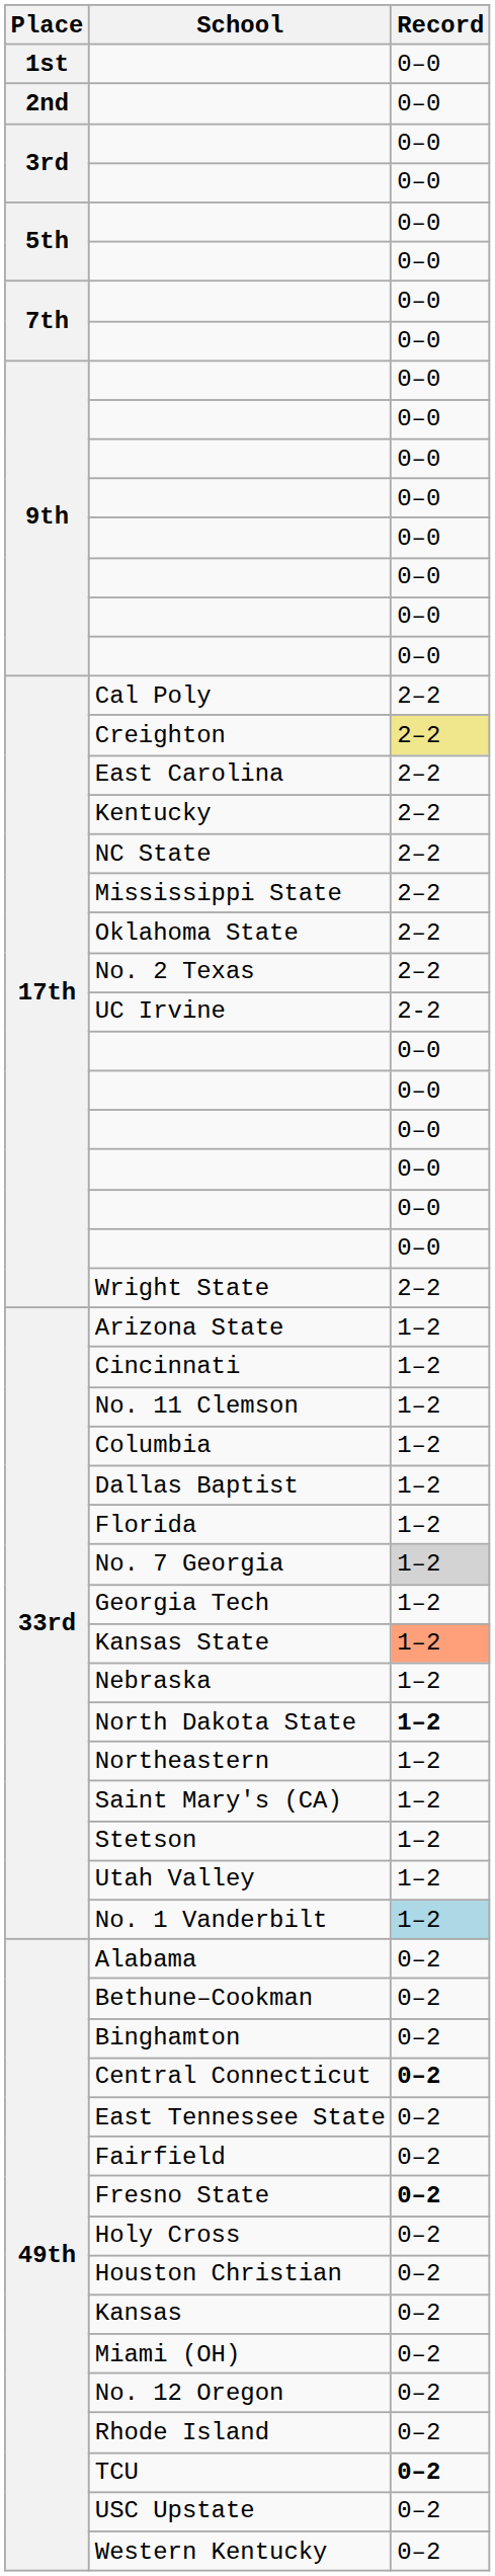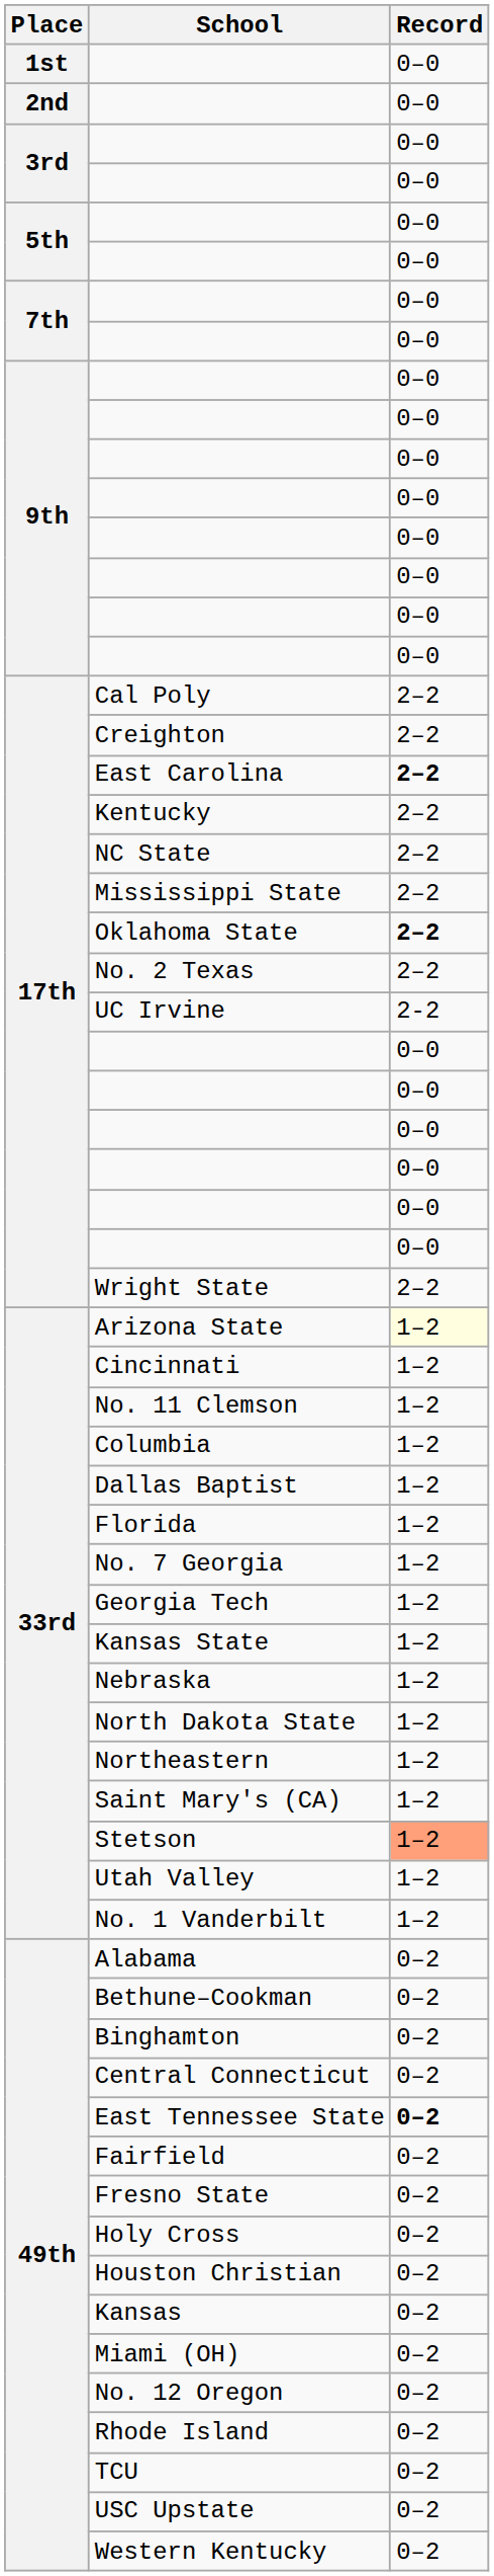 <table class="wikitable plainrowheaders">
 <tr>
 <th scope="col">Place</th>
 <th scope="col">School</th>
 <th scope="col">Record</th>
 </tr>
 <tr>
 <th scope="row" style="text-align:center;">1st</th>
 <td></td>
 <td>0–0</td>
 </tr>
 <tr>
 <th scope="row" style="text-align:center;">2nd</th>
 <td></td>
 <td>0–0</td>
 </tr>
 <tr>
 <th scope="row" rowspan="2" style="text-align:center;">3rd</th>
 <td></td>
 <td>0–0</td>
 </tr>
 <tr>
 <td></td>
 <td>0–0</td>
 </tr>
 <tr>
 <th scope="row" rowspan="2" style="text-align:center;">5th</th>
 <td></td>
 <td>0–0</td>
 </tr>
 <tr>
 <td></td>
 <td>0–0</td>
 </tr>
 <tr>
 <th scope="row" rowspan="2" style="text-align:center;">7th</th>
 <td></td>
 <td>0–0</td>
 </tr>
 <tr>
 <td></td>
 <td>0–0</td>
 </tr>
 <tr>
 <th scope="row" rowspan="8" style="text-align:center;">9th </th>
 <td></td>
 <td>0–0</td>
 </tr>
 <tr>
 <td></td>
 <td>0–0</td>
 </tr>
 <tr>
 <td></td>
 <td>0–0</td>
 </tr>
 <tr>
 <td></td>
 <td>0–0</td>
 </tr>
 <tr>
 <td></td>
 <td>0–0</td>
 </tr>
 <tr>
 <td></td>
 <td>0–0</td>
 </tr>
 <tr>
 <td></td>
 <td>0–0</td>
 </tr>
 <tr>
 <td></td>
 <td>0–0</td>
 </tr>
 <tr>
 <th scope="row" rowspan="16" style="text-align:center;">17th </th>
 <td>Cal Poly</td>
 <td>2–2</td>
 </tr>
 <tr>
 <td>Creighton</td>
-<td style="background: khaki;">2–2</td>
+<td>2–2</td>
 </tr>
 <tr>
 <td>East Carolina</td>
-<td>2–2</td>
+<td><strong>2–2</strong></td>
 </tr>
 <tr>
 <td>Kentucky</td>
 <td>2–2</td>
 </tr>
 <tr>
 <td>NC State</td>
 <td>2–2</td>
 </tr>
 <tr>
 <td>Mississippi State</td>
 <td>2–2</td>
 </tr>
 <tr>
 <td>Oklahoma State</td>
-<td>2–2</td>
+<td><strong>2–2</strong></td>
 </tr>
 <tr>
 <td>No. 2 Texas</td>
 <td>2–2</td>
 </tr>
 <tr>
 <td>UC Irvine</td>
 <td>2-2</td>
 </tr>
 <tr>
 <td></td>
 <td>0–0</td>
 </tr>
 <tr>
 <td></td>
 <td>0–0</td>
 </tr>
 <tr>
 <td></td>
 <td>0–0</td>
 </tr>
 <tr>
 <td></td>
 <td>0–0</td>
 </tr>
 <tr>
 <td></td>
 <td>0–0</td>
 </tr>
 <tr>
 <td></td>
 <td>0–0</td>
 </tr>
 <tr>
 <td>Wright State</td>
 <td>2–2</td>
 </tr>
 <tr>
 <th scope="row" rowspan="16" style="text-align:center;">33rd</th>
 <td>Arizona State</td>
-<td>1–2</td>
+<td style="background: lightyellow;">1–2</td>
 </tr>
 <tr>
 <td>Cincinnati</td>
 <td>1–2</td>
 </tr>
 <tr>
 <td>No. 11 Clemson</td>
 <td>1–2</td>
 </tr>
 <tr>
 <td>Columbia</td>
 <td>1–2</td>
 </tr>
 <tr>
 <td>Dallas Baptist</td>
 <td>1–2</td>
 </tr>
 <tr>
 <td>Florida</td>
 <td>1–2</td>
 </tr>
 <tr>
 <td>No. 7 Georgia</td>
-<td style="background: lightgrey;">1–2</td>
+<td>1–2</td>
 </tr>
 <tr>
 <td>Georgia Tech</td>
 <td>1–2</td>
 </tr>
 <tr>
 <td>Kansas State</td>
-<td style="background: lightsalmon;">1–2</td>
+<td>1–2</td>
 </tr>
 <tr>
 <td>Nebraska</td>
 <td>1–2</td>
 </tr>
 <tr>
 <td>North Dakota State</td>
-<td><strong>1–2</strong></td>
+<td>1–2</td>
 </tr>
 <tr>
 <td>Northeastern</td>
 <td>1–2</td>
 </tr>
 <tr>
 <td>Saint Mary's (CA)</td>
 <td>1–2</td>
 </tr>
 <tr>
 <td>Stetson</td>
-<td>1–2</td>
+<td style="background: lightsalmon;">1–2</td>
 </tr>
 <tr>
 <td>Utah Valley</td>
 <td>1–2</td>
 </tr>
 <tr>
 <td>No. 1 Vanderbilt</td>
-<td style="background: lightblue;">1–2</td>
+<td>1–2</td>
 </tr>
 <tr>
 <th scope="row" rowspan="16" style="text-align:center;">49th</th>
 <td>Alabama</td>
 <td>0–2</td>
 </tr>
 <tr>
 <td>Bethune–Cookman</td>
 <td>0–2</td>
 </tr>
 <tr>
 <td>Binghamton</td>
 <td>0–2</td>
 </tr>
 <tr>
 <td>Central Connecticut</td>
-<td><strong>0–2</strong></td>
+<td>0–2</td>
 </tr>
 <tr>
 <td>East Tennessee State</td>
-<td>0–2</td>
+<td><strong>0–2</strong></td>
 </tr>
 <tr>
 <td>Fairfield</td>
 <td>0–2</td>
 </tr>
 <tr>
 <td>Fresno State</td>
-<td><strong>0–2</strong></td>
+<td>0–2</td>
 </tr>
 <tr>
 <td>Holy Cross</td>
 <td>0–2</td>
 </tr>
 <tr>
 <td>Houston Christian</td>
 <td>0–2</td>
 </tr>
 <tr>
 <td>Kansas</td>
 <td>0–2</td>
 </tr>
 <tr>
 <td>Miami (OH)</td>
 <td>0–2</td>
 </tr>
 <tr>
 <td>No. 12 Oregon</td>
 <td>0–2</td>
 </tr>
 <tr>
 <td>Rhode Island</td>
 <td>0–2</td>
 </tr>
 <tr>
 <td>TCU</td>
-<td><strong>0–2</strong></td>
+<td>0–2</td>
 </tr>
 <tr>
 <td>USC Upstate</td>
 <td>0–2</td>
 </tr>
 <tr>
 <td>Western Kentucky</td>
 <td>0–2</td>
 </tr>
 </table>
